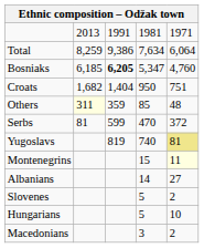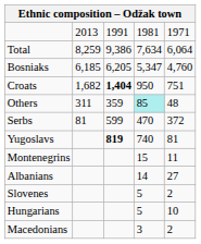 <table class="wikitable">
 <tr>
 <th colspan="8">Ethnic composition – Odžak town</th>
 </tr>
 <tr>
 <td></td>
 <td>2013</td>
 <td>1991</td>
 <td>1981</td>
 <td>1971</td>
 </tr>
 <tr>
 <td>Total</td>
 <td>8,259</td>
 <td>9,386</td>
 <td>7,634</td>
 <td>6,064</td>
 </tr>
 <tr>
 <td>Bosniaks</td>
 <td>6,185</td>
-<td><strong>6,205</strong></td>
+<td>6,205</td>
 <td>5,347</td>
 <td>4,760</td>
 </tr>
 <tr>
 <td>Croats</td>
 <td>1,682</td>
-<td>1,404</td>
+<td><strong>1,404</strong></td>
 <td>950</td>
 <td>751</td>
 </tr>
 <tr>
 <td>Others</td>
-<td style="background: lightyellow;">311</td>
+<td>311</td>
 <td>359</td>
-<td>85</td>
+<td style="background: paleturquoise;">85</td>
 <td>48</td>
 </tr>
 <tr>
 <td>Serbs</td>
 <td>81</td>
 <td>599</td>
 <td>470</td>
 <td>372</td>
 </tr>
 <tr>
 <td>Yugoslavs</td>
 <td></td>
-<td>819</td>
+<td><strong>819</strong></td>
 <td>740</td>
-<td style="background: khaki;">81</td>
+<td>81</td>
 </tr>
 <tr>
 <td>Montenegrins</td>
 <td></td>
 <td></td>
 <td>15</td>
-<td style="background: lightyellow;">11</td>
+<td>11</td>
 </tr>
 <tr>
 <td>Albanians</td>
 <td></td>
 <td></td>
 <td>14</td>
 <td>27</td>
 </tr>
 <tr>
 <td>Slovenes</td>
 <td></td>
 <td></td>
 <td>5</td>
 <td>2</td>
 </tr>
 <tr>
 <td>Hungarians</td>
 <td></td>
 <td></td>
 <td>5</td>
 <td>10</td>
 </tr>
 <tr>
 <td>Macedonians</td>
 <td></td>
 <td></td>
 <td>3</td>
 <td>2</td>
 </tr>
 </table>
